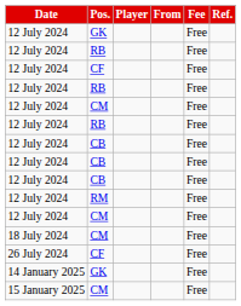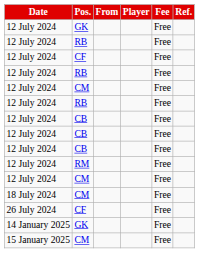 <table class="wikitable plainrowheaders sortable">
 <tr>
 <th style="background:#E00000; color:#ffffff; ">Date</th>
 <th style="background:#E00000; color:#ffffff; ">Pos.</th>
+<th style="background:#E00000; color:#ffffff; ">From</th>
 <th style="background:#E00000; color:#ffffff; ">Player</th>
-<th style="background:#E00000; color:#ffffff; ">From</th>
 <th style="background:#E00000; color:#ffffff; ">Fee</th>
 <th style="background:#E00000; color:#ffffff; ">Ref.</th>
 </tr>
 <tr>
 <td>12 July 2024</td>
 <td><a href='#'>GK</a></td>
 <td></td>
 <td></td>
 <td>Free</td>
 <td></td>
 </tr>
 <tr>
 <td>12 July 2024</td>
 <td><a href='#'>RB</a></td>
 <td></td>
 <td></td>
 <td>Free</td>
 <td></td>
 </tr>
 <tr>
 <td>12 July 2024</td>
 <td><a href='#'>CF</a></td>
 <td></td>
 <td></td>
 <td>Free</td>
 <td></td>
 </tr>
 <tr>
 <td>12 July 2024</td>
 <td><a href='#'>RB</a></td>
 <td></td>
 <td></td>
 <td>Free</td>
 <td></td>
 </tr>
 <tr>
 <td>12 July 2024</td>
 <td><a href='#'>CM</a></td>
 <td></td>
 <td></td>
 <td>Free</td>
 <td></td>
 </tr>
 <tr>
 <td>12 July 2024</td>
 <td><a href='#'>RB</a></td>
 <td></td>
 <td></td>
 <td>Free</td>
 <td></td>
 </tr>
 <tr>
 <td>12 July 2024</td>
 <td><a href='#'>CB</a></td>
 <td></td>
 <td></td>
 <td>Free</td>
 <td></td>
 </tr>
 <tr>
 <td>12 July 2024</td>
 <td><a href='#'>CB</a></td>
 <td></td>
 <td></td>
 <td>Free</td>
 <td></td>
 </tr>
 <tr>
 <td>12 July 2024</td>
 <td><a href='#'>CB</a></td>
 <td></td>
 <td></td>
 <td>Free</td>
 <td></td>
 </tr>
 <tr>
 <td>12 July 2024</td>
 <td><a href='#'>RM</a></td>
 <td></td>
 <td></td>
 <td>Free</td>
 <td></td>
 </tr>
 <tr>
 <td>12 July 2024</td>
 <td><a href='#'>CM</a></td>
 <td></td>
 <td></td>
 <td>Free</td>
 <td></td>
 </tr>
 <tr>
 <td>18 July 2024</td>
 <td><a href='#'>CM</a></td>
 <td></td>
 <td></td>
 <td>Free</td>
 <td></td>
 </tr>
 <tr>
 <td>26 July 2024</td>
 <td><a href='#'>CF</a></td>
 <td></td>
 <td></td>
 <td>Free</td>
 <td></td>
 </tr>
 <tr>
 <td>14 January 2025</td>
 <td><a href='#'>GK</a></td>
 <td></td>
 <td></td>
 <td>Free</td>
 <td></td>
 </tr>
 <tr>
 <td>15 January 2025</td>
 <td><a href='#'>CM</a></td>
 <td></td>
 <td></td>
 <td>Free</td>
 <td></td>
 </tr>
 </table>
